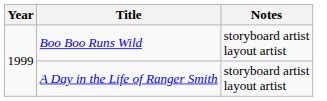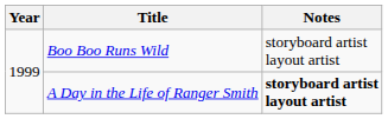 <table class="wikitable sortable">
 <tr>
 <th>Year</th>
 <th>Title</th>
 <th>Notes</th>
 </tr>
 <tr>
 <td rowspan="2">1999</td>
 <td><em><a href='#'>Boo Boo Runs Wild</a></em></td>
 <td>storyboard artist<br>layout artist</td>
 </tr>
 <tr>
 <td><em><a href='#'>A Day in the Life of Ranger Smith</a></em></td>
-<td>storyboard artist<br>layout artist</td>
+<td><strong>storyboard artist<br>layout artist</strong></td>
 </tr>
 </table>
